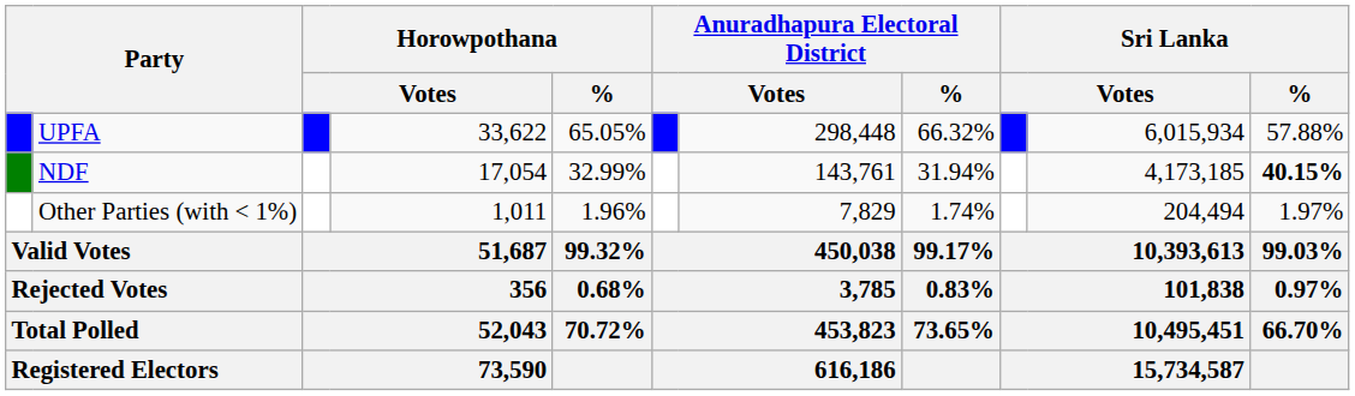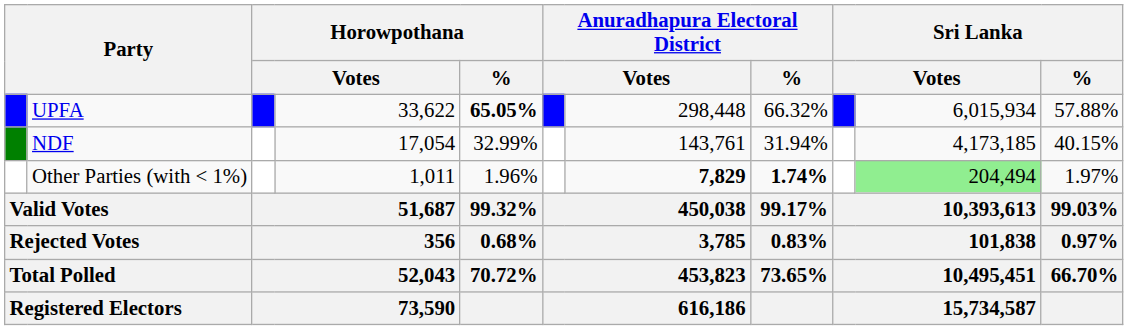 <table class="wikitable">
 <tr>
 <th colspan="2" width="144px"rowspan="2">Party</th>
 <th colspan="3" width="216px">Horowpothana</th>
 <th colspan="3" width="216px"><a href='#'>Anuradhapura Electoral District</a></th>
 <th colspan="3" width="216px">Sri Lanka</th>
 </tr>
 <tr>
 <th colspan="2" width="144px">Votes</th>
 <th>%</th>
 <th colspan="2" width="144px">Votes</th>
 <th>%</th>
 <th colspan="2" width="144px">Votes</th>
 <th>%</th>
 </tr>
 <tr>
 <td style="background-color:blue;" width="10px"></td>
 <td style="text-align:left;"><a href='#'>UPFA</a></td>
 <td style="background-color:blue;" width="10px"></td>
 <td style="text-align:right;">33,622</td>
-<td style="text-align:right;">65.05%</td>
+<td style="text-align:right;"><strong>65.05%</strong></td>
 <td style="background-color:blue;" width="10px"></td>
 <td style="text-align:right;">298,448</td>
 <td style="text-align:right;">66.32%</td>
 <td style="background-color:blue;" width="10px"></td>
 <td style="text-align:right;">6,015,934</td>
 <td style="text-align:right;">57.88%</td>
 </tr>
 <tr>
 <td style="background-color:green;" width="10px"></td>
 <td style="text-align:left;"><a href='#'>NDF</a></td>
 <td style="background-color:white;" width="10px"></td>
 <td style="text-align:right;">17,054</td>
 <td style="text-align:right;">32.99%</td>
 <td style="background-color:white;" width="10px"></td>
 <td style="text-align:right;">143,761</td>
 <td style="text-align:right;">31.94%</td>
 <td style="background-color:white;" width="10px"></td>
 <td style="text-align:right;">4,173,185</td>
-<td style="text-align:right;"><strong>40.15%</strong></td>
+<td style="text-align:right;">40.15%</td>
 </tr>
 <tr>
 <td style="background-color:white;" width="10px"></td>
 <td style="text-align:left;">Other Parties (with < 1%)</td>
 <td style="background-color:white;" width="10px"></td>
 <td style="text-align:right;">1,011</td>
 <td style="text-align:right;">1.96%</td>
 <td style="background-color:white;" width="10px"></td>
-<td style="text-align:right;">7,829</td>
-<td style="text-align:right;">1.74%</td>
+<td style="text-align:right;"><strong>7,829</strong></td>
+<td style="text-align:right;"><strong>1.74%</strong></td>
 <td style="background-color:white;" width="10px"></td>
-<td style="text-align:right;">204,494</td>
+<td style="background: lightgreen; text-align:right;">204,494</td>
 <td style="text-align:right;">1.97%</td>
 </tr>
 <tr>
 <th colspan="2" width="144px"style="text-align:left;">Valid Votes</th>
 <th style="text-align:right;"colspan="2" width="144px">51,687</th>
 <th style="text-align:right;">99.32%</th>
 <th style="text-align:right;"colspan="2" width="144px">450,038</th>
 <th style="text-align:right;">99.17%</th>
 <th style="text-align:right;"colspan="2" width="144px">10,393,613</th>
 <th style="text-align:right;">99.03%</th>
 </tr>
 <tr>
 <th colspan="2" width="144px"style="text-align:left;">Rejected Votes</th>
 <th style="text-align:right;"colspan="2" width="144px">356</th>
 <th style="text-align:right;">0.68%</th>
 <th style="text-align:right;"colspan="2" width="144px">3,785</th>
 <th style="text-align:right;">0.83%</th>
 <th style="text-align:right;"colspan="2" width="144px">101,838</th>
 <th style="text-align:right;">0.97%</th>
 </tr>
 <tr>
 <th colspan="2" width="144px"style="text-align:left;">Total Polled</th>
 <th style="text-align:right;"colspan="2" width="144px">52,043</th>
 <th style="text-align:right;">70.72%</th>
 <th style="text-align:right;"colspan="2" width="144px">453,823</th>
 <th style="text-align:right;">73.65%</th>
 <th style="text-align:right;"colspan="2" width="144px">10,495,451</th>
 <th style="text-align:right;">66.70%</th>
 </tr>
 <tr>
 <th colspan="2" width="144px"style="text-align:left;">Registered Electors</th>
 <th style="text-align:right;"colspan="2" width="144px">73,590</th>
 <th></th>
 <th style="text-align:right;"colspan="2" width="144px">616,186</th>
 <th></th>
 <th style="text-align:right;"colspan="2" width="144px">15,734,587</th>
 <th></th>
 </tr>
 </table>
